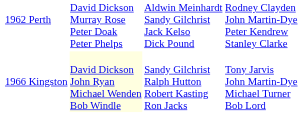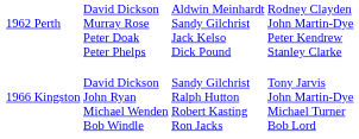 <table>
 <tr>
 <td><a href='#'>1962 Perth</a><br></td>
 <td valign=top><br><a href='#'>David Dickson</a><br><a href='#'>Murray Rose</a><br><a href='#'>Peter Doak</a><br><a href='#'>Peter Phelps</a></td>
 <td valign=top><br><a href='#'>Aldwin Meinhardt</a><br><a href='#'>Sandy Gilchrist</a><br><a href='#'>Jack Kelso</a><br><a href='#'>Dick Pound</a></td>
 <td valign=top><br><a href='#'>Rodney Clayden</a><br><a href='#'>John Martin-Dye</a><br><a href='#'>Peter Kendrew</a><br><a href='#'>Stanley Clarke</a></td>
 </tr>
 <tr>
 <td><a href='#'>1966 Kingston</a><br></td>
-<td valign=top style="background: lightyellow;"><br><a href='#'>David Dickson</a><br><a href='#'>John Ryan</a><br><a href='#'>Michael Wenden</a><br><a href='#'>Bob Windle</a></td>
+<td valign=top><br><a href='#'>David Dickson</a><br><a href='#'>John Ryan</a><br><a href='#'>Michael Wenden</a><br><a href='#'>Bob Windle</a></td>
 <td valign=top><br><a href='#'>Sandy Gilchrist</a><br><a href='#'>Ralph Hutton</a><br><a href='#'>Robert Kasting</a><br><a href='#'>Ron Jacks</a></td>
 <td valign=top><br><a href='#'>Tony Jarvis</a><br><a href='#'>John Martin-Dye</a><br><a href='#'>Michael Turner</a><br><a href='#'>Bob Lord</a></td>
 </tr>
 </table>
